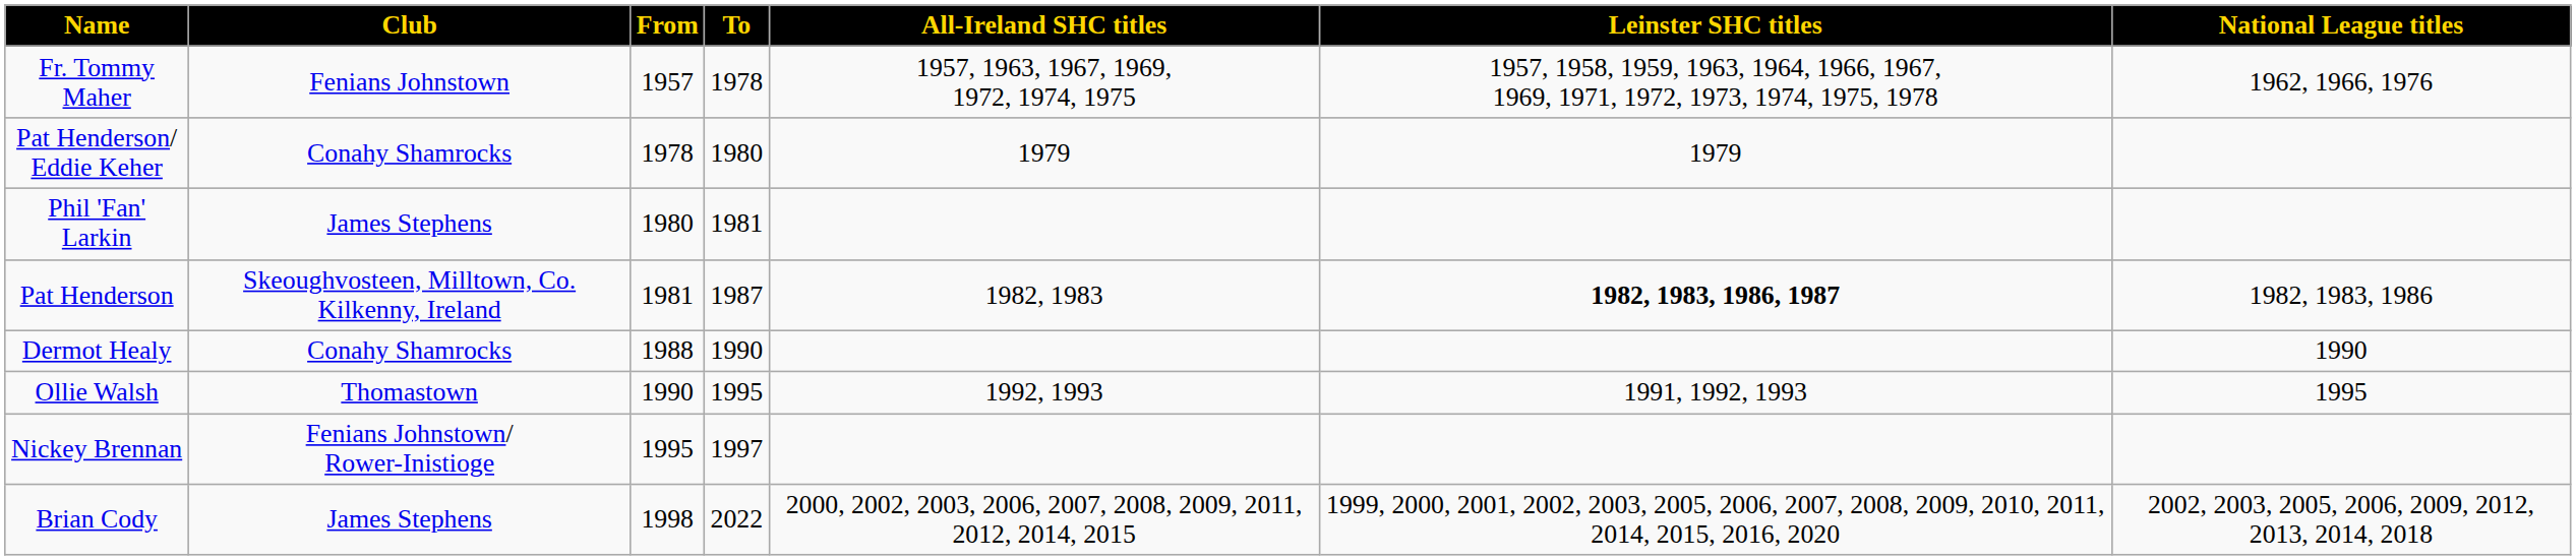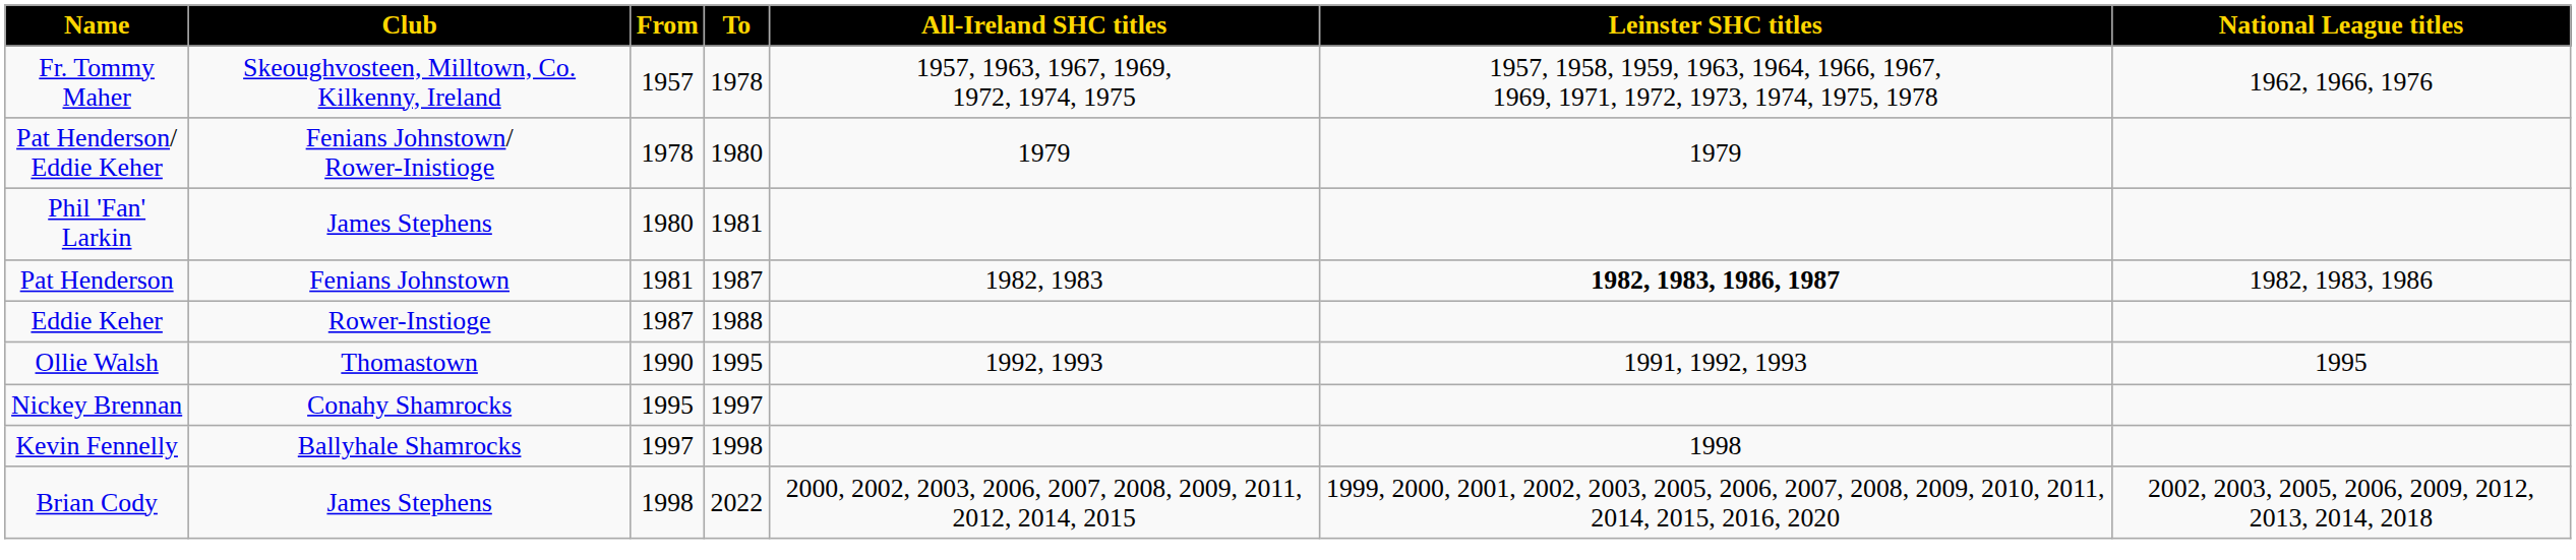 <table class="wikitable" style="text-align: center;">
 <tr>
 <th style="background:black;color:gold;">Name</th>
 <th style="background:black;color:gold;">Club</th>
 <th style="background:black;color:gold;">From</th>
 <th style="background:black;color:gold;">To</th>
 <th style="background:black;color:gold;">All-Ireland SHC titles</th>
 <th style="background:black;color:gold;">Leinster SHC titles</th>
 <th style="background:black;color:gold;">National League titles</th>
 </tr>
 <tr>
 <td><a href='#'>Fr. Tommy Maher</a></td>
-<td><a href='#'>Fenians Johnstown</a></td>
+<td><a href='#'>Skeoughvosteen, Milltown, Co. Kilkenny, Ireland</a></td>
 <td>1957</td>
 <td>1978</td>
 <td>1957, 1963, 1967, 1969,<br> 1972, 1974, 1975</td>
 <td>1957, 1958, 1959, 1963, 1964, 1966, 1967,<br>1969, 1971, 1972, 1973, 1974, 1975, 1978</td>
 <td>1962, 1966, 1976</td>
 </tr>
 <tr>
 <td><a href='#'>Pat Henderson</a>/<br><a href='#'>Eddie Keher</a></td>
-<td><a href='#'>Conahy Shamrocks</a></td>
+<td><a href='#'>Fenians Johnstown</a>/<br><a href='#'>Rower-Inistioge</a></td>
 <td>1978</td>
 <td>1980</td>
 <td>1979</td>
 <td>1979</td>
 <td></td>
 </tr>
 <tr>
 <td><a href='#'>Phil 'Fan' Larkin</a></td>
 <td><a href='#'>James Stephens</a></td>
 <td>1980</td>
 <td>1981</td>
 <td></td>
 <td></td>
 <td></td>
 </tr>
 <tr>
 <td><a href='#'>Pat Henderson</a></td>
-<td><a href='#'>Skeoughvosteen, Milltown, Co. Kilkenny, Ireland</a></td>
+<td><a href='#'>Fenians Johnstown</a></td>
 <td>1981</td>
 <td>1987</td>
 <td>1982, 1983</td>
 <td><strong>1982, 1983, 1986, 1987</strong></td>
 <td>1982, 1983, 1986</td>
 </tr>
 <tr>
-<td><a href='#'>Dermot Healy</a></td>
-<td><a href='#'>Conahy Shamrocks</a></td>
+<td><a href='#'>Eddie Keher</a></td>
+<td><a href='#'>Rower-Instioge</a></td>
+<td>1987</td>
 <td>1988</td>
-<td>1990</td>
 <td></td>
 <td></td>
-<td>1990</td>
+<td></td>
 </tr>
 <tr>
 <td><a href='#'>Ollie Walsh</a></td>
 <td><a href='#'>Thomastown</a></td>
 <td>1990</td>
 <td>1995</td>
 <td>1992, 1993</td>
 <td>1991, 1992, 1993</td>
 <td>1995</td>
 </tr>
 <tr>
 <td><a href='#'>Nickey Brennan</a></td>
-<td><a href='#'>Fenians Johnstown</a>/<br><a href='#'>Rower-Inistioge</a></td>
+<td><a href='#'>Conahy Shamrocks</a></td>
 <td>1995</td>
 <td>1997</td>
 <td></td>
 <td></td>
+<td></td>
+</tr>
+<tr>
+<td><a href='#'>Kevin Fennelly</a></td>
+<td><a href='#'>Ballyhale Shamrocks</a></td>
+<td>1997</td>
+<td>1998</td>
+<td></td>
+<td>1998</td>
 <td></td>
 </tr>
 <tr>
 <td><a href='#'>Brian Cody</a></td>
 <td><a href='#'>James Stephens</a></td>
 <td>1998</td>
 <td>2022</td>
 <td>2000, 2002, 2003, 2006, 2007, 2008, 2009, 2011, 2012, 2014, 2015</td>
 <td>1999, 2000, 2001, 2002, 2003, 2005, 2006, 2007, 2008, 2009, 2010, 2011, 2014, 2015, 2016, 2020</td>
 <td>2002, 2003, 2005, 2006, 2009, 2012, 2013, 2014, 2018</td>
 </tr>
 </table>
